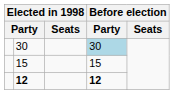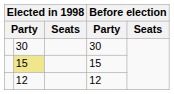 <table class="wikitable">
 <tr>
 <th colspan=3>Elected in 1998</th>
 <th colspan=3>Before election</th>
 </tr>
 <tr>
 <th colspan=2>Party</th>
 <th>Seats</th>
 <th colspan=2>Party</th>
 <th>Seats</th>
 </tr>
 <tr>
 <td></td>
 <td>30</td>
 <td></td>
-<td style="background: lightblue;">30</td>
+<td>30</td>
 </tr>
 <tr>
 <td></td>
-<td>15</td>
+<td style="background: khaki;">15</td>
 <td></td>
 <td>15</td>
 </tr>
 <tr>
 <td></td>
-<td><strong>12</strong></td>
+<td>12</td>
 <td></td>
-<td><strong>12</strong></td>
+<td>12</td>
 </tr>
 </table>
